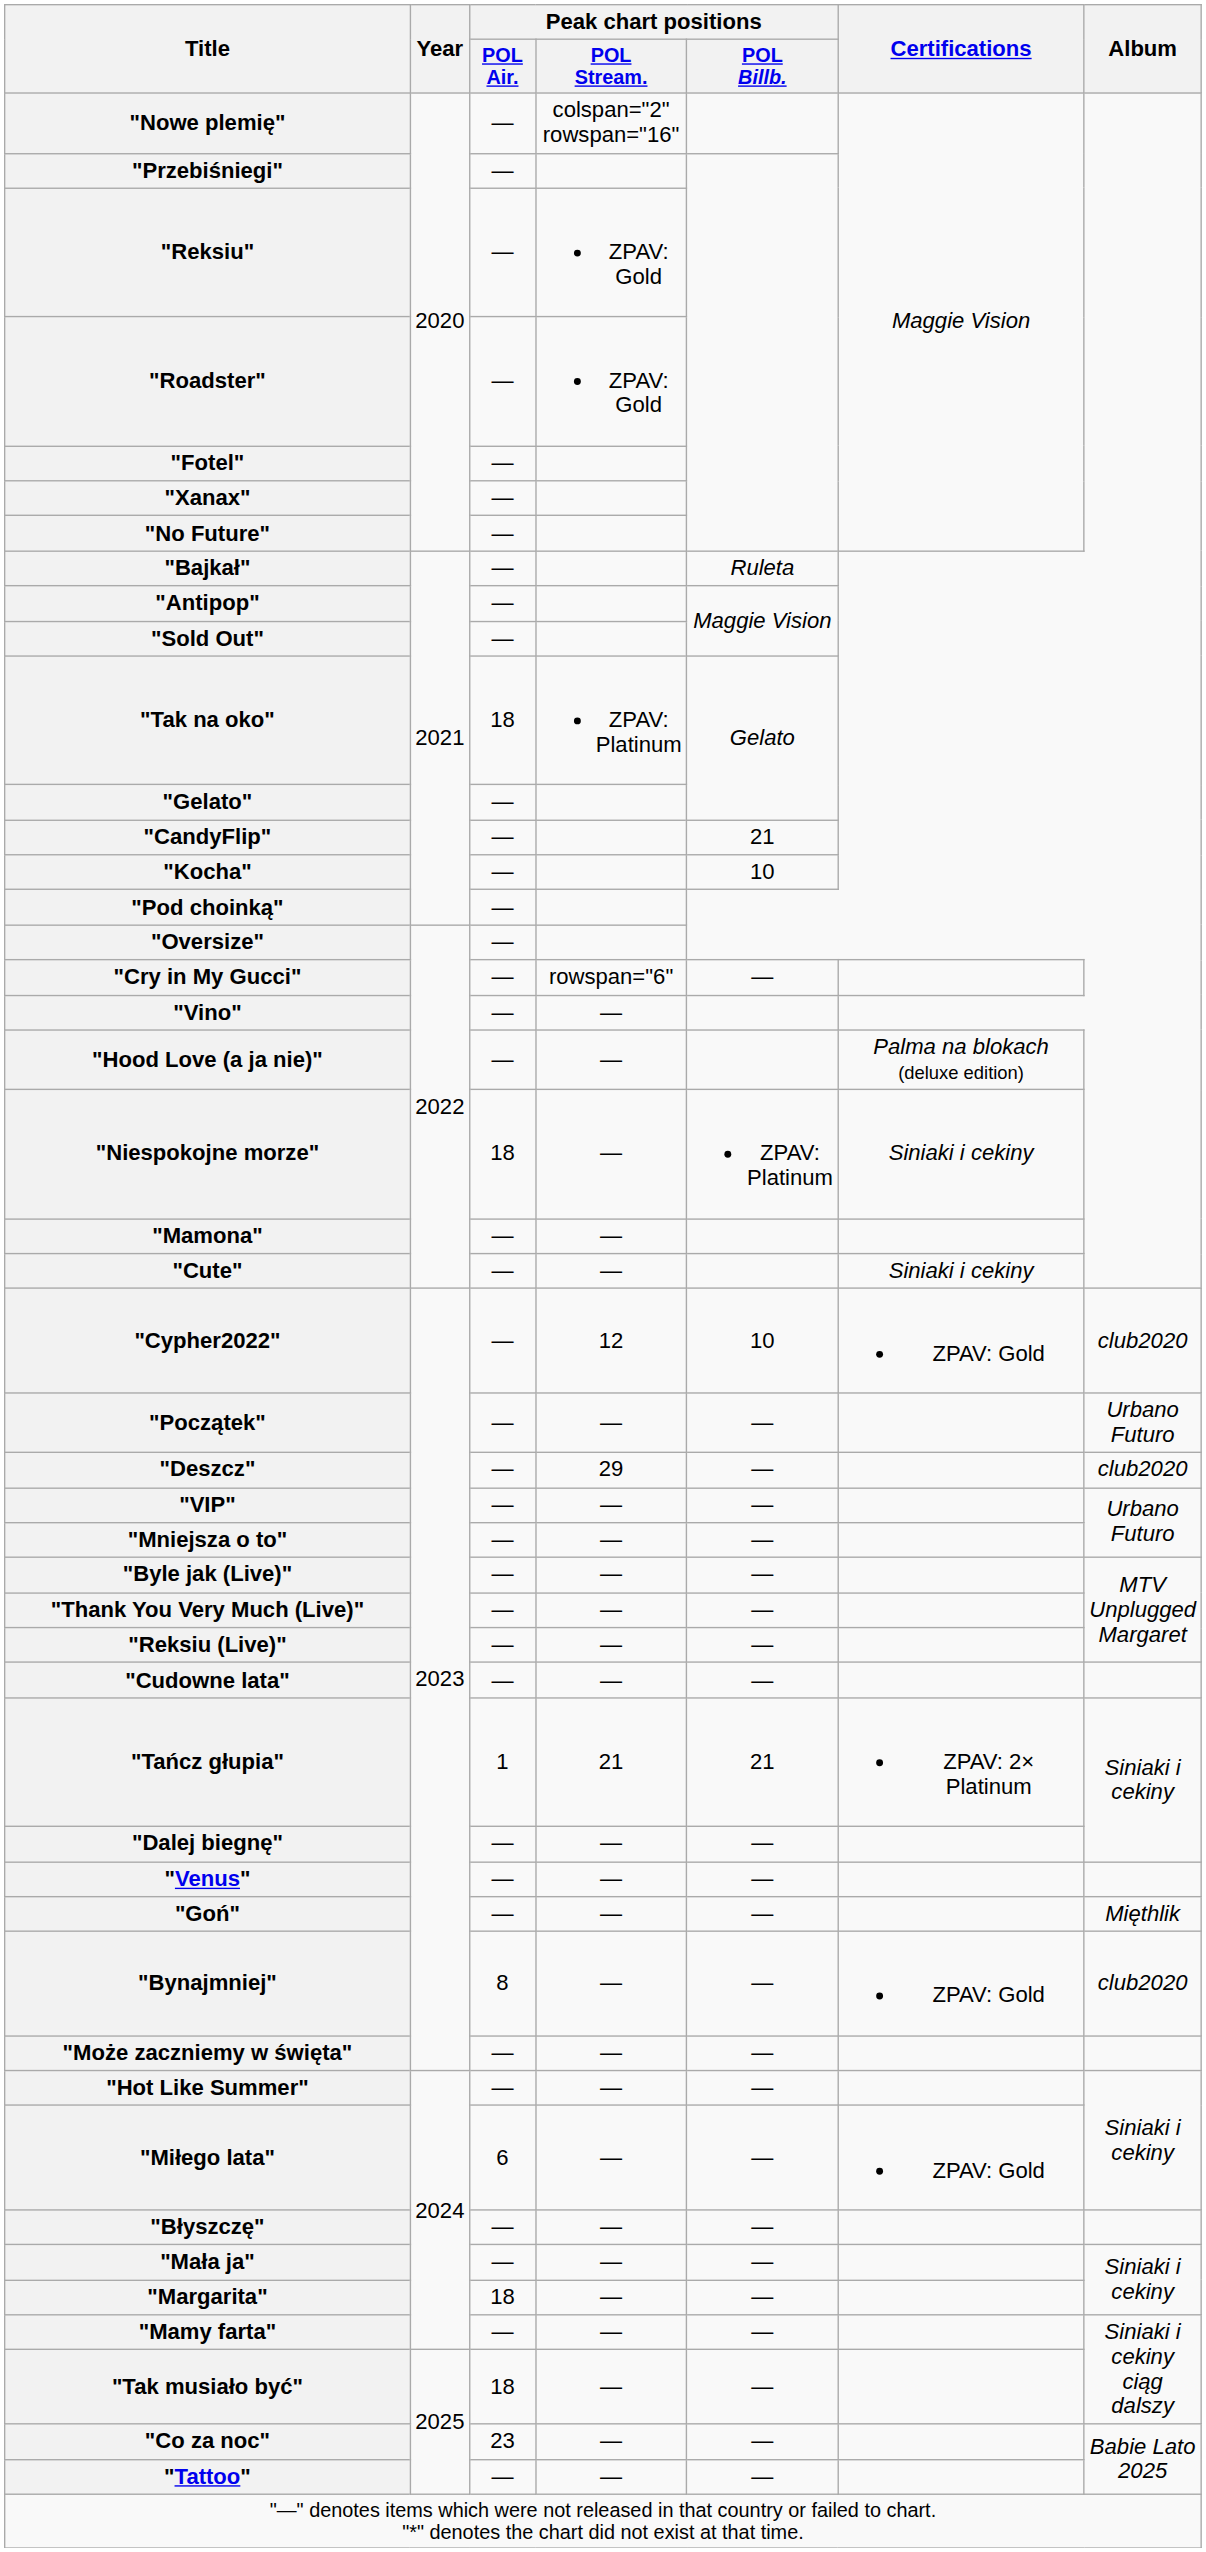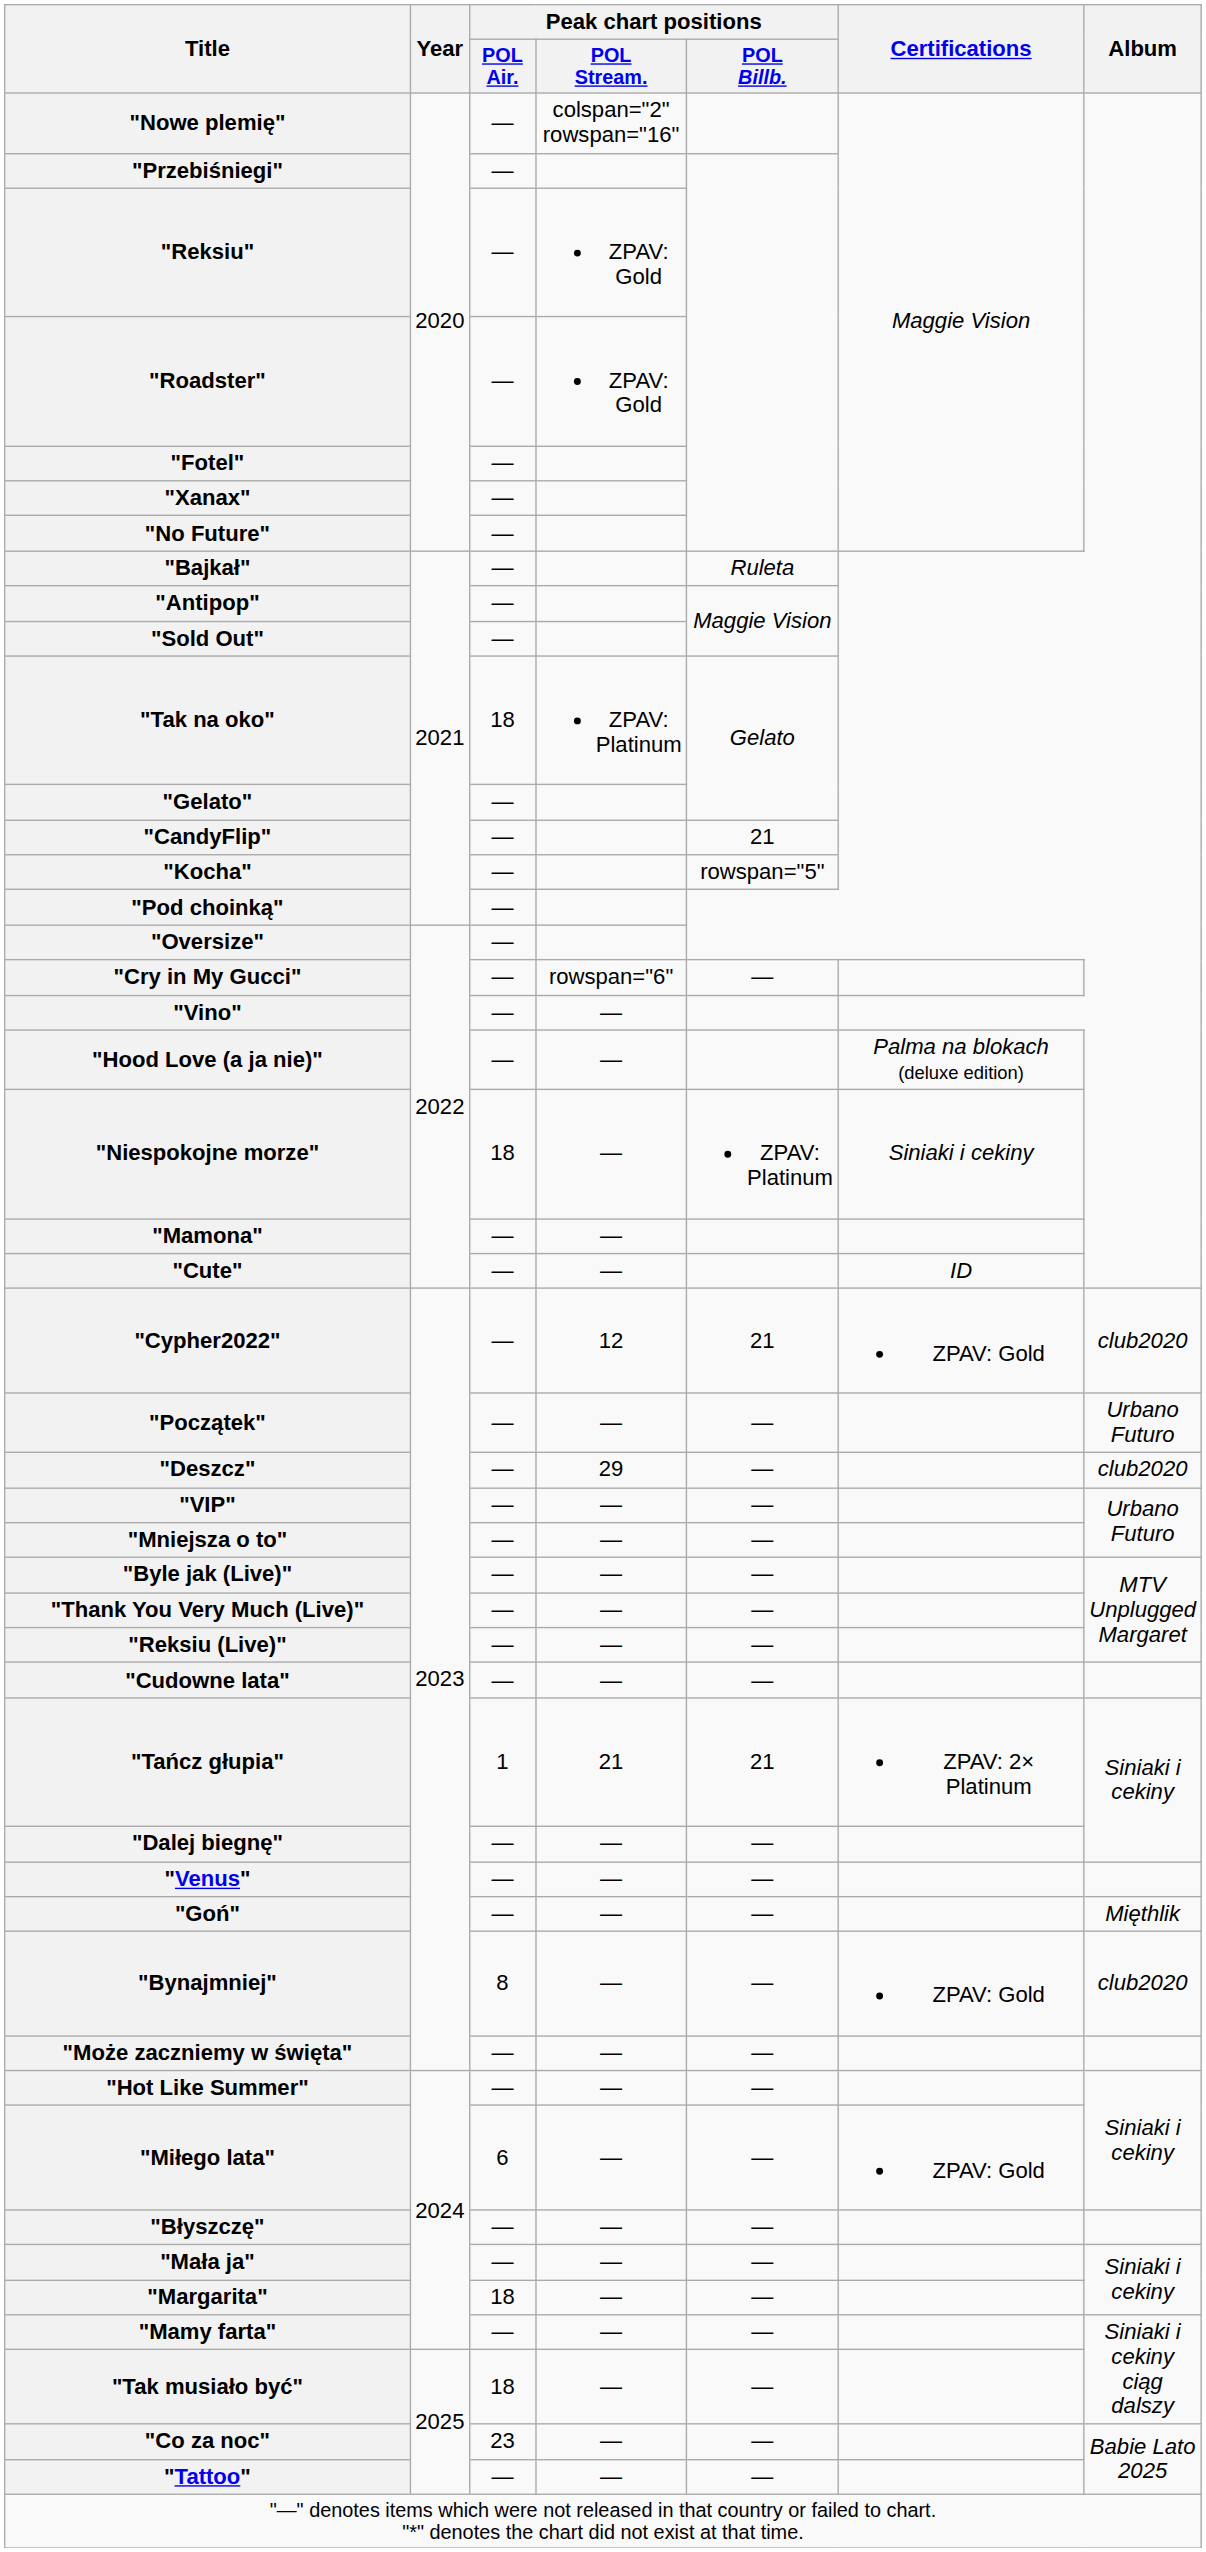 <table class="wikitable plainrowheaders" style="text-align:center;">
 <tr>
 <th scope="col" rowspan="2" style="width:20em;">Title</th>
 <th scope="col" rowspan="2" style="width:1em;">Year</th>
 <th scope="col" colspan="3">Peak chart positions</th>
 <th scope="col" rowspan="2" style="width:11.5em;"><a href='#'>Certifications</a></th>
 <th scope="col" rowspan="2">Album</th>
 </tr>
 <tr>
 <th style="width:3em;font-size:90%;"><a href='#'>POL<br>Air.</a><br></th>
 <th style="width:3em;font-size:90%;"><a href='#'>POL<br>Stream.</a><br></th>
 <th style="width:3em;font-size:90%;"><a href='#'>POL<br><em>Billb.</em></a><br></th>
 </tr>
 <tr>
 <th scope="row">"Nowe plemię"</th>
 <td rowspan="7">2020</td>
 <td>—</td>
 <td>colspan="2" rowspan="16" </td>
 <td></td>
 <td rowspan="7"><em>Maggie Vision</em></td>
 </tr>
 <tr>
 <th scope="row">"Przebiśniegi"</th>
 <td>—</td>
 <td></td>
 </tr>
 <tr>
 <th scope="row">"Reksiu"<br></th>
 <td>—</td>
 <td><br><ul><li>ZPAV: Gold</li></ul></td>
 </tr>
 <tr>
 <th scope="row">"Roadster"<br></th>
 <td>—</td>
 <td><br><ul><li>ZPAV: Gold</li></ul></td>
 </tr>
 <tr>
 <th scope="row">"Fotel"</th>
 <td>—</td>
 <td></td>
 </tr>
 <tr>
 <th scope="row">"Xanax"</th>
 <td>—</td>
 <td></td>
 </tr>
 <tr>
 <th scope="row">"No Future"<br></th>
 <td>—</td>
 <td></td>
 </tr>
 <tr>
 <th scope="row">"Bajkał"<br></th>
 <td rowspan="8">2021</td>
 <td>—</td>
 <td></td>
 <td><em>Ruleta</em></td>
 </tr>
 <tr>
 <th scope="row">"Antipop"<br></th>
 <td>—</td>
 <td></td>
 <td rowspan="2"><em>Maggie Vision</em></td>
 </tr>
 <tr>
 <th scope="row">"Sold Out"<br></th>
 <td>—</td>
 <td></td>
 </tr>
 <tr>
 <th scope="row">"Tak na oko"</th>
 <td>18</td>
 <td><br><ul><li>ZPAV: Platinum</li></ul></td>
 <td rowspan="2"><em>Gelato</em></td>
 </tr>
 <tr>
 <th scope="row">"Gelato"<br></th>
 <td>—</td>
 <td></td>
 </tr>
 <tr>
 <th scope="row">"CandyFlip"<br></th>
 <td>—</td>
 <td></td>
 <td>21</td>
 </tr>
 <tr>
 <th scope="row">"Kocha"<br></th>
 <td>—</td>
 <td></td>
-<td>10</td>
+<td>rowspan="5" </td>
 </tr>
 <tr>
 <th scope="row">"Pod choinką"<br></th>
 <td>—</td>
 <td></td>
 </tr>
 <tr>
 <th scope="row">"Oversize"<br></th>
 <td rowspan="7">2022</td>
 <td>—</td>
 <td></td>
 </tr>
 <tr>
 <th scope="row">"Cry in My Gucci"</th>
 <td>—</td>
 <td>rowspan="6" </td>
 <td>—</td>
 <td></td>
 </tr>
 <tr>
 <th scope="row">"Vino"</th>
 <td>—</td>
 <td>—</td>
 <td></td>
 </tr>
 <tr>
 <th scope="row">"Hood Love (a ja nie)"<br></th>
 <td>—</td>
 <td>—</td>
 <td></td>
 <td><em>Palma na blokach</em><br><small>(deluxe edition)</small></td>
 </tr>
 <tr>
 <th scope="row">"Niespokojne morze"</th>
 <td>18</td>
 <td>—</td>
 <td><br><ul><li>ZPAV: Platinum</li></ul></td>
 <td><em>Siniaki i cekiny</em></td>
 </tr>
 <tr>
 <th scope="row">"Mamona"<br></th>
 <td>—</td>
 <td>—</td>
 <td></td>
 <td></td>
 </tr>
 <tr>
 <th scope="row">"Cute"<br></th>
 <td>—</td>
 <td>—</td>
 <td></td>
-<td><em>Siniaki i cekiny</em></td>
+<td><em>ID</em></td>
 </tr>
 <tr>
 <th scope="row">"Cypher2022"<br></th>
 <td rowspan="15">2023</td>
 <td>—</td>
 <td>12</td>
-<td>10</td>
+<td>21</td>
 <td><br><ul><li>ZPAV: Gold</li></ul></td>
 <td><em>club2020</em></td>
 </tr>
 <tr>
 <th scope="row">"Początek"<br></th>
 <td>—</td>
 <td>—</td>
 <td>—</td>
 <td></td>
 <td><em>Urbano Futuro</em></td>
 </tr>
 <tr>
 <th scope="row">"Deszcz"<br></th>
 <td>—</td>
 <td>29</td>
 <td>—</td>
 <td></td>
 <td><em>club2020</em></td>
 </tr>
 <tr>
 <th scope="row">"VIP"<br></th>
 <td>—</td>
 <td>—</td>
 <td>—</td>
 <td></td>
 <td rowspan="2"><em>Urbano Futuro</em></td>
 </tr>
 <tr>
 <th scope="row">"Mniejsza o to"<br></th>
 <td>—</td>
 <td>—</td>
 <td>—</td>
 <td></td>
 </tr>
 <tr>
 <th scope="row">"Byle jak (Live)"</th>
 <td>—</td>
 <td>—</td>
 <td>—</td>
 <td></td>
 <td rowspan="3"><em>MTV Unplugged Margaret</em></td>
 </tr>
 <tr>
 <th scope="row">"Thank You Very Much (Live)"</th>
 <td>—</td>
 <td>—</td>
 <td>—</td>
 <td></td>
 </tr>
 <tr>
 <th scope="row">"Reksiu (Live)"<br></th>
 <td>—</td>
 <td>—</td>
 <td>—</td>
 <td></td>
 </tr>
 <tr>
 <th scope="row">"Cudowne lata"<br></th>
 <td>—</td>
 <td>—</td>
 <td>—</td>
 <td></td>
 <td></td>
 </tr>
 <tr>
 <th scope="row">"Tańcz głupia"</th>
 <td>1</td>
 <td>21</td>
 <td>21</td>
 <td><br><ul><li>ZPAV: 2× Platinum</li></ul></td>
 <td rowspan="2"><em>Siniaki i cekiny</em></td>
 </tr>
 <tr>
 <th scope="row">"Dalej biegnę"</th>
 <td>—</td>
 <td>—</td>
 <td>—</td>
 <td></td>
 </tr>
 <tr>
 <th scope="row">"<a href='#'>Venus</a>"<br></th>
 <td>—</td>
 <td>—</td>
 <td>—</td>
 <td></td>
 <td></td>
 </tr>
 <tr>
 <th scope="row">"Goń"<br></th>
 <td>—</td>
 <td>—</td>
 <td>—</td>
 <td></td>
 <td><em>Mięthlik</em></td>
 </tr>
 <tr>
 <th scope="row">"Bynajmniej"</th>
 <td>8</td>
 <td>—</td>
 <td>—</td>
 <td><br><ul><li>ZPAV: Gold</li></ul></td>
 <td><em>club2020</em></td>
 </tr>
 <tr>
 <th scope="row">"Może zaczniemy w święta"</th>
 <td>—</td>
 <td>—</td>
 <td>—</td>
 <td></td>
 <td></td>
 </tr>
 <tr>
 <th scope="row">"Hot Like Summer"<br></th>
 <td rowspan="6">2024</td>
 <td>—</td>
 <td>—</td>
 <td>—</td>
 <td></td>
 <td rowspan="2"><em>Siniaki i cekiny</em></td>
 </tr>
 <tr>
 <th scope="row">"Miłego lata"</th>
 <td>6</td>
 <td>—</td>
 <td>—</td>
 <td><br><ul><li>ZPAV: Gold</li></ul></td>
 </tr>
 <tr>
 <th scope="row">"Błyszczę"<br></th>
 <td>—</td>
 <td>—</td>
 <td>—</td>
 <td></td>
 <td></td>
 </tr>
 <tr>
 <th scope="row">"Mała ja"</th>
 <td>—</td>
 <td>—</td>
 <td>—</td>
 <td></td>
 <td rowspan="2"><em>Siniaki i cekiny</em></td>
 </tr>
 <tr>
 <th scope="row">"Margarita"</th>
 <td>18</td>
 <td>—</td>
 <td>—</td>
 <td></td>
 </tr>
 <tr>
 <th scope="row">"Mamy farta"<br></th>
 <td>—</td>
 <td>—</td>
 <td>—</td>
 <td></td>
 <td rowspan="2"><em>Siniaki i cekiny ciąg dalszy</em></td>
 </tr>
 <tr>
 <th scope="row">"Tak musiało być"</th>
 <td rowspan="3">2025</td>
 <td>18</td>
 <td>—</td>
 <td>—</td>
 <td></td>
 </tr>
 <tr>
 <th scope="row">"Co za noc"<br></th>
 <td>23</td>
 <td>—</td>
 <td>—</td>
 <td></td>
 <td rowspan="2"><em>Babie Lato 2025</em></td>
 </tr>
 <tr>
 <th scope="row">"<a href='#'>Tattoo</a>"<br></th>
 <td>—</td>
 <td>—</td>
 <td>—</td>
 <td></td>
 </tr>
 <tr>
 <td colspan="7" style="font-size:90%;">"—" denotes items which were not released in that country or failed to chart.<br>"*" denotes the chart did not exist at that time.</td>
 </tr>
 </table>
